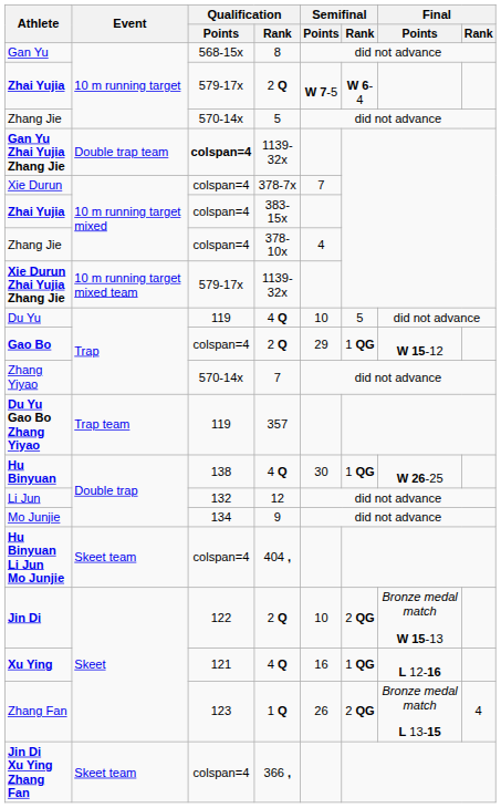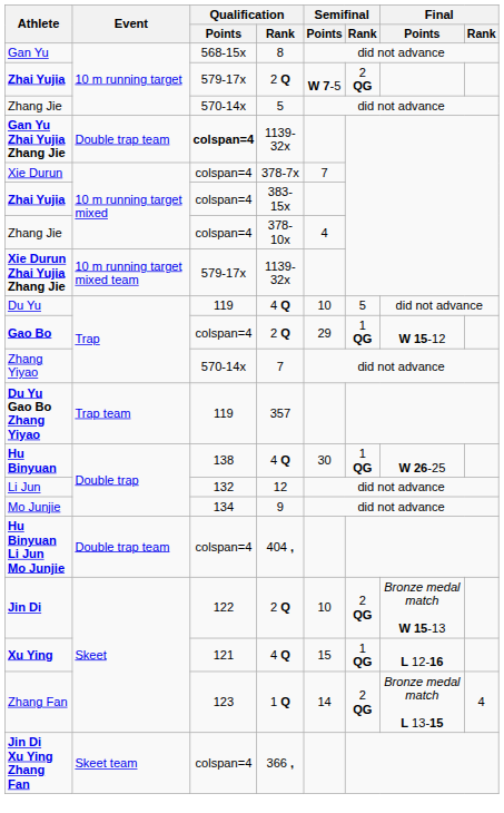 <table class=wikitable style="text-align:center; font-size:95%">
 <tr>
 <th rowspan=2>Athlete</th>
 <th rowspan=2>Event</th>
 <th colspan=2>Qualification</th>
 <th colspan=2>Semifinal</th>
 <th colspan=2>Final</th>
 </tr>
 <tr style="font-size:95%">
 <th>Points</th>
 <th>Rank</th>
 <th>Points</th>
 <th>Rank</th>
 <th>Points</th>
 <th>Rank</th>
 </tr>
 <tr>
 <td align=left><a href='#'>Gan Yu</a></td>
 <td style="text-align:left;" rowspan="3"><a href='#'>10 m running target</a></td>
 <td>568-15x</td>
 <td>8</td>
 <td Colspan=4>did not advance</td>
 </tr>
 <tr>
 <td align=left><strong><a href='#'>Zhai Yujia</a></strong></td>
 <td>579-17x</td>
 <td>2 <strong>Q</strong></td>
 <td><br><strong>W</strong> <strong>7</strong>-5</td>
-<td><br><strong>W</strong> <strong>6</strong>-4</td>
+<td>2 <strong>QG</strong></td>
 <td></td>
 </tr>
 <tr>
 <td align=left>Zhang Jie</td>
 <td>570-14x</td>
 <td>5</td>
 <td Colspan=4>did not advance</td>
 </tr>
 <tr>
 <td align=left><strong><a href='#'>Gan Yu</a><br><a href='#'>Zhai Yujia</a><br>Zhang Jie</strong></td>
 <td align=left><a href='#'>Double trap team</a></td>
 <td><strong>colspan=4 </strong></td>
 <td>1139-32x</td>
 <td></td>
 </tr>
 <tr>
 <td align=left><a href='#'>Xie Durun</a></td>
 <td style="text-align:left;" rowspan="3"><a href='#'>10 m running target mixed</a></td>
 <td>colspan=4 </td>
 <td>378-7x</td>
 <td>7</td>
 </tr>
 <tr>
 <td align=left><strong><a href='#'>Zhai Yujia</a></strong></td>
 <td>colspan=4 </td>
 <td>383-15x</td>
 <td></td>
 </tr>
 <tr>
 <td align=left>Zhang Jie</td>
 <td>colspan=4 </td>
 <td>378-10x</td>
 <td>4</td>
 </tr>
 <tr>
 <td align=left><strong><a href='#'>Xie Durun</a><br><a href='#'>Zhai Yujia</a><br>Zhang Jie</strong></td>
 <td align=left><a href='#'>10 m running target mixed team</a></td>
 <td>579-17x</td>
 <td>1139-32x</td>
 <td></td>
 </tr>
 <tr>
 <td align=left><a href='#'>Du Yu</a></td>
 <td style="text-align:left;" rowspan="3"><a href='#'>Trap</a></td>
 <td>119</td>
 <td>4 <strong>Q</strong></td>
 <td>10</td>
 <td>5</td>
 <td colspan=2>did not advance</td>
 </tr>
 <tr>
 <td align=left><strong><a href='#'>Gao Bo</a></strong></td>
 <td>colspan=4 </td>
 <td>2 <strong>Q</strong></td>
 <td>29</td>
 <td>1 <strong>QG</strong></td>
 <td><br><strong>W</strong> <strong>15</strong>-12</td>
 <td></td>
 </tr>
 <tr>
 <td align=left><a href='#'>Zhang Yiyao</a></td>
 <td>570-14x</td>
 <td>7</td>
 <td colspan=4>did not advance</td>
 </tr>
 <tr>
 <td align=left><strong><a href='#'>Du Yu</a><br>Gao Bo<br><a href='#'>Zhang Yiyao</a></strong></td>
 <td align=left><a href='#'>Trap team</a></td>
 <td>119</td>
 <td>357</td>
 <td></td>
 </tr>
 <tr>
 <td align=left><strong><a href='#'>Hu Binyuan</a></strong></td>
 <td style="text-align:left;" rowspan="3"><a href='#'>Double trap</a></td>
 <td>138</td>
 <td>4 <strong>Q</strong></td>
 <td>30</td>
 <td>1 <strong>QG</strong></td>
 <td><br><strong>W</strong> <strong>26</strong>-25</td>
 <td></td>
 </tr>
 <tr>
 <td align=left><a href='#'>Li Jun</a></td>
 <td>132</td>
 <td>12</td>
 <td colspan=4>did not advance</td>
 </tr>
 <tr>
 <td align=left><a href='#'>Mo Junjie</a></td>
 <td>134</td>
 <td>9</td>
 <td colspan=4>did not advance</td>
 </tr>
 <tr>
 <td align=left><strong><a href='#'>Hu Binyuan</a><br><a href='#'>Li Jun</a><br><a href='#'>Mo Junjie</a></strong></td>
-<td align=left><a href='#'>Skeet team</a></td>
+<td align=left><a href='#'>Double trap team</a></td>
 <td>colspan=4 </td>
 <td>404 <strong>, </strong></td>
 <td></td>
 </tr>
 <tr>
 <td align=left><strong><a href='#'>Jin Di</a></strong></td>
 <td style="text-align:left;" rowspan="3"><a href='#'>Skeet</a></td>
 <td>122</td>
 <td>2 <strong>Q</strong></td>
 <td>10</td>
 <td>2 <strong>QG</strong></td>
 <td><em> Bronze medal match</em><br><br><strong>W</strong> <strong>15</strong>-13</td>
 <td></td>
 </tr>
 <tr>
 <td align=left><strong><a href='#'>Xu Ying</a></strong></td>
 <td>121</td>
 <td>4 <strong>Q</strong></td>
-<td>16</td>
+<td>15</td>
 <td>1 <strong>QG</strong></td>
 <td><br><strong>L</strong> 12-<strong>16</strong></td>
 <td></td>
 </tr>
 <tr>
 <td align=left><a href='#'>Zhang Fan</a></td>
 <td>123 <strong></strong></td>
 <td>1 <strong>Q</strong></td>
-<td>26</td>
+<td>14</td>
 <td>2 <strong>QG</strong></td>
 <td><em> Bronze medal match</em><br><br><strong>L</strong> 13-<strong>15</strong></td>
 <td>4</td>
 </tr>
 <tr>
 <td align=left><strong><a href='#'>Jin Di</a><br><a href='#'>Xu Ying</a><br><a href='#'>Zhang Fan</a></strong></td>
 <td align=left><a href='#'>Skeet team</a></td>
 <td>colspan=4 </td>
 <td>366 <strong>, </strong></td>
 <td></td>
 </tr>
 </table>
